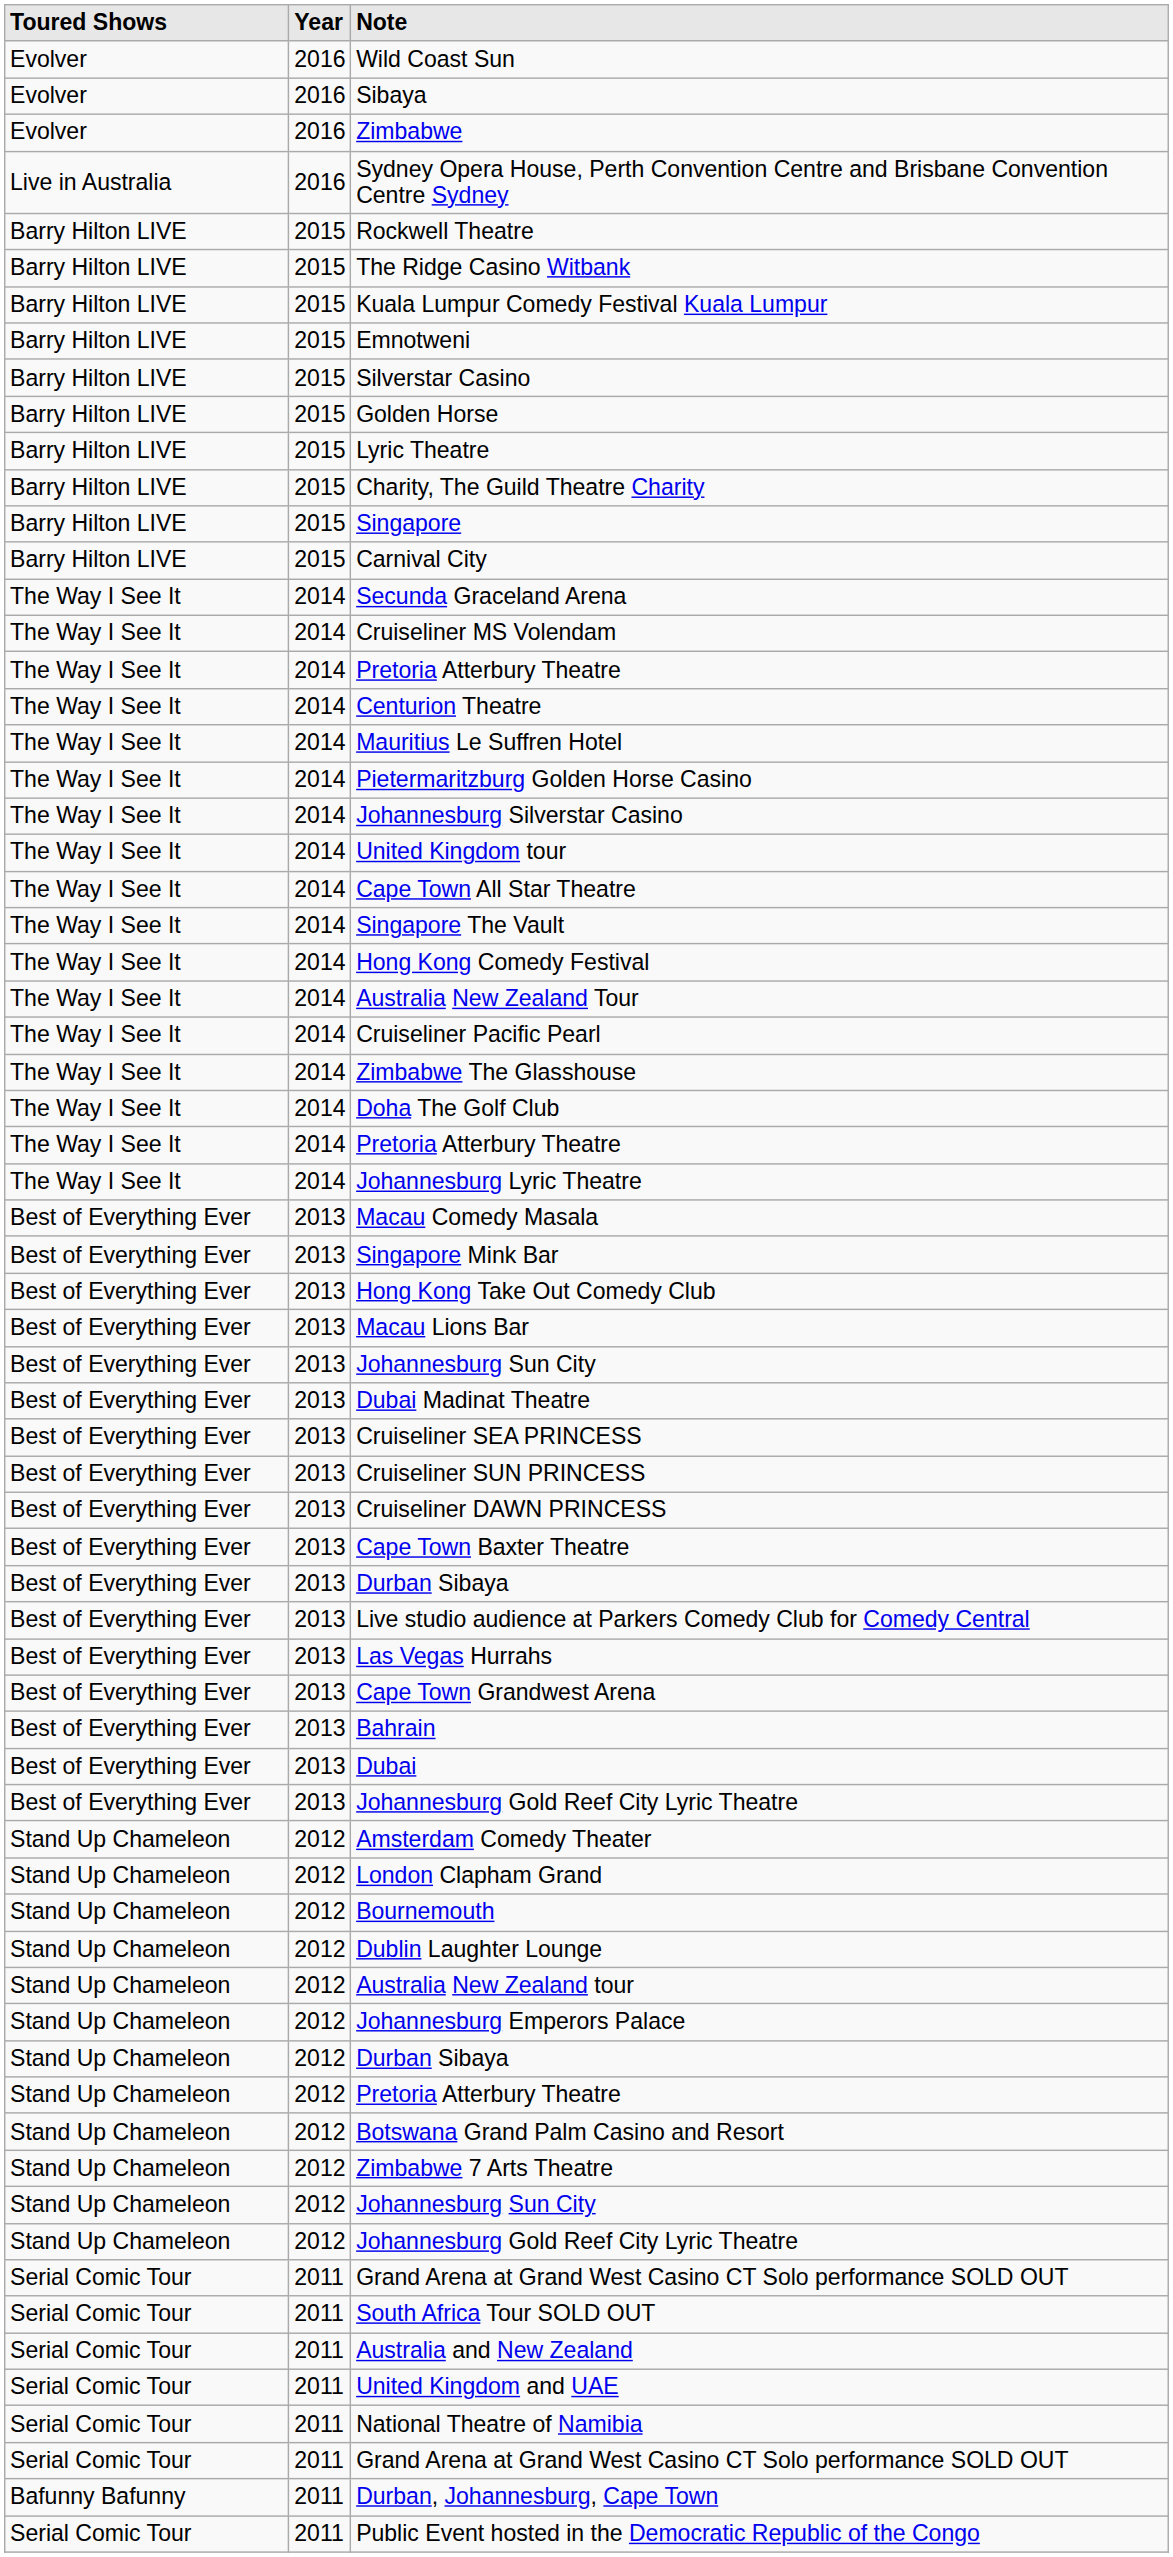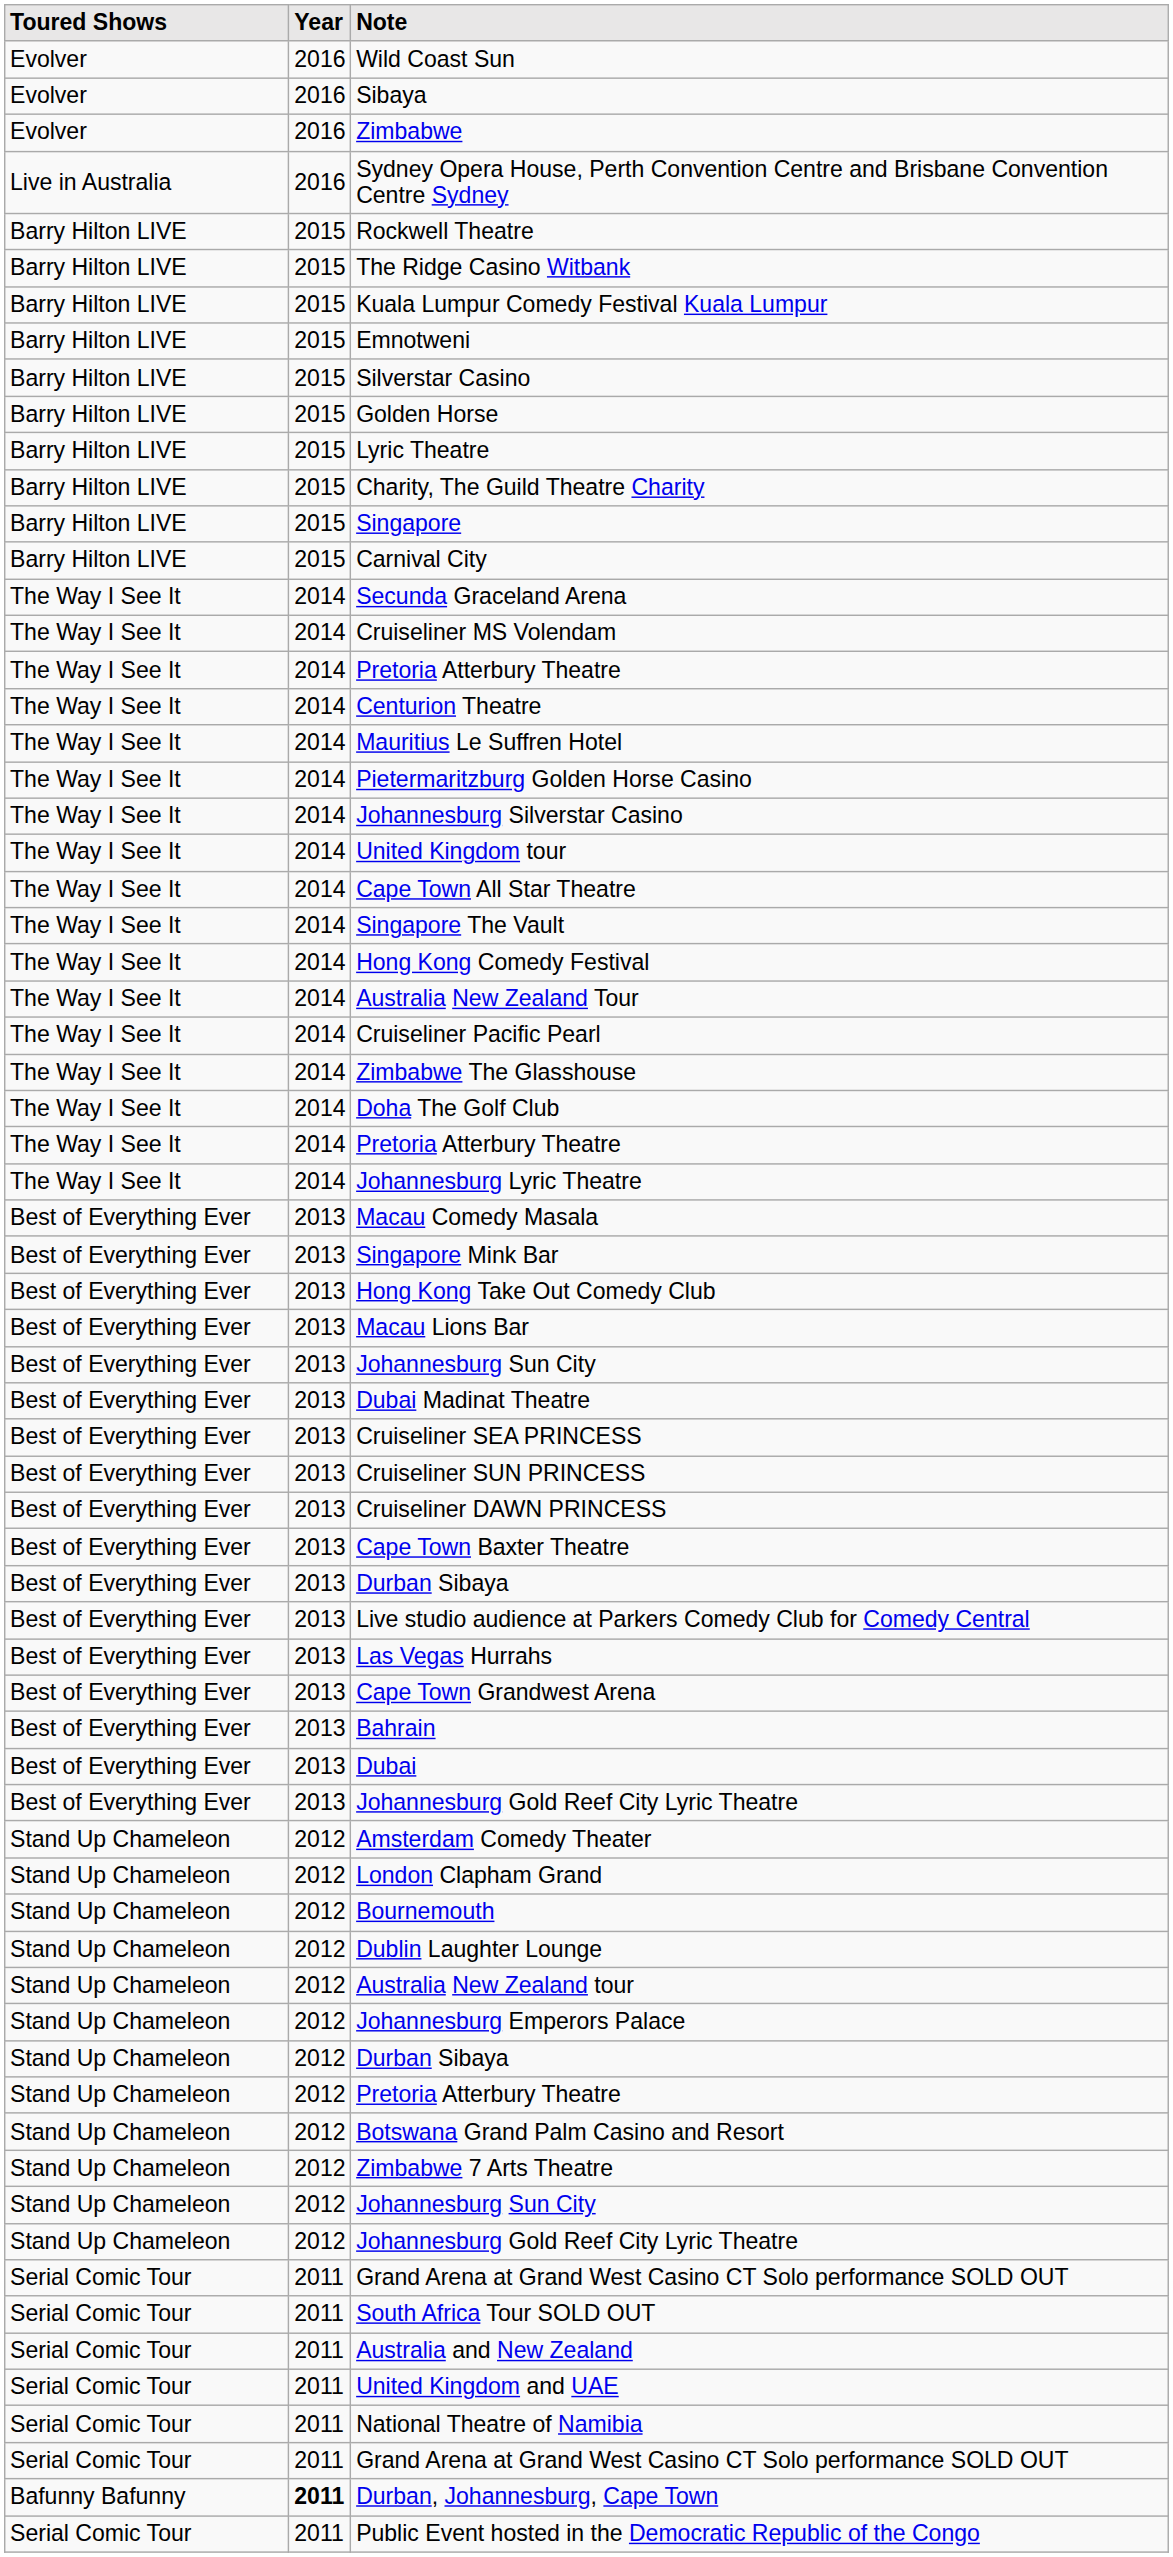 <table class="wikitable" style= style="width:70%;">
 <tr>
 <td scope="col" style="background:#e8e7e7; width:190px;"><strong>Toured Shows</strong></td>
 <td scope="col" style="background:#e8e7e7; width:30px;"><strong>Year</strong></td>
 <td scope="col" style="background:#e8e7e7; width:560px;"><strong>Note</strong></td>
 </tr>
 <tr>
 <td>Evolver</td>
 <td>2016</td>
 <td>Wild Coast Sun</td>
 </tr>
 <tr>
 <td>Evolver</td>
 <td>2016</td>
 <td>Sibaya</td>
 </tr>
 <tr>
 <td>Evolver</td>
 <td>2016</td>
 <td><a href='#'>Zimbabwe</a></td>
 </tr>
 <tr>
 <td>Live in Australia</td>
 <td>2016</td>
 <td>Sydney Opera House, Perth Convention Centre and Brisbane Convention Centre <a href='#'>Sydney</a></td>
 </tr>
 <tr>
 <td>Barry Hilton LIVE</td>
 <td>2015</td>
 <td>Rockwell Theatre</td>
 </tr>
 <tr>
 <td>Barry Hilton LIVE</td>
 <td>2015</td>
 <td>The Ridge Casino <a href='#'>Witbank</a></td>
 </tr>
 <tr>
 <td>Barry Hilton LIVE</td>
 <td>2015</td>
 <td>Kuala Lumpur Comedy Festival <a href='#'>Kuala Lumpur</a></td>
 </tr>
 <tr>
 <td>Barry Hilton LIVE</td>
 <td>2015</td>
 <td>Emnotweni</td>
 </tr>
 <tr>
 <td>Barry Hilton LIVE</td>
 <td>2015</td>
 <td>Silverstar Casino</td>
 </tr>
 <tr>
 <td>Barry Hilton LIVE</td>
 <td>2015</td>
 <td>Golden Horse</td>
 </tr>
 <tr>
 <td>Barry Hilton LIVE</td>
 <td>2015</td>
 <td>Lyric Theatre</td>
 </tr>
 <tr>
 <td>Barry Hilton LIVE</td>
 <td>2015</td>
 <td>Charity, The Guild Theatre <a href='#'>Charity</a></td>
 </tr>
 <tr>
 <td>Barry Hilton LIVE</td>
 <td>2015</td>
 <td><a href='#'>Singapore</a></td>
 </tr>
 <tr>
 <td>Barry Hilton LIVE</td>
 <td>2015</td>
 <td>Carnival City</td>
 </tr>
 <tr>
 <td>The Way I See It</td>
 <td>2014</td>
 <td><a href='#'>Secunda</a> Graceland Arena</td>
 </tr>
 <tr>
 <td>The Way I See It</td>
 <td>2014</td>
 <td>Cruiseliner MS Volendam</td>
 </tr>
 <tr>
 <td>The Way I See It</td>
 <td>2014</td>
 <td><a href='#'>Pretoria</a> Atterbury Theatre</td>
 </tr>
 <tr>
 <td>The Way I See It</td>
 <td>2014</td>
 <td><a href='#'>Centurion</a> Theatre</td>
 </tr>
 <tr>
 <td>The Way I See It</td>
 <td>2014</td>
 <td><a href='#'>Mauritius</a> Le Suffren Hotel</td>
 </tr>
 <tr>
 <td>The Way I See It</td>
 <td>2014</td>
 <td><a href='#'>Pietermaritzburg</a> Golden Horse Casino</td>
 </tr>
 <tr>
 <td>The Way I See It</td>
 <td>2014</td>
 <td><a href='#'>Johannesburg</a> Silverstar Casino</td>
 </tr>
 <tr>
 <td>The Way I See It</td>
 <td>2014</td>
 <td><a href='#'>United Kingdom</a> tour</td>
 </tr>
 <tr>
 <td>The Way I See It</td>
 <td>2014</td>
 <td><a href='#'>Cape Town</a> All Star Theatre</td>
 </tr>
 <tr>
 <td>The Way I See It</td>
 <td>2014</td>
 <td><a href='#'>Singapore</a> The Vault</td>
 </tr>
 <tr>
 <td>The Way I See It</td>
 <td>2014</td>
 <td><a href='#'>Hong Kong</a> Comedy Festival</td>
 </tr>
 <tr>
 <td>The Way I See It</td>
 <td>2014</td>
 <td><a href='#'>Australia</a> <a href='#'>New Zealand</a> Tour</td>
 </tr>
 <tr>
 <td>The Way I See It</td>
 <td>2014</td>
 <td>Cruiseliner Pacific Pearl</td>
 </tr>
 <tr>
 <td>The Way I See It</td>
 <td>2014</td>
 <td><a href='#'>Zimbabwe</a> The Glasshouse</td>
 </tr>
 <tr>
 <td>The Way I See It</td>
 <td>2014</td>
 <td><a href='#'>Doha</a> The Golf Club</td>
 </tr>
 <tr>
 <td>The Way I See It</td>
 <td>2014</td>
 <td><a href='#'>Pretoria</a> Atterbury Theatre</td>
 </tr>
 <tr>
 <td>The Way I See It</td>
 <td>2014</td>
 <td><a href='#'>Johannesburg</a> Lyric Theatre</td>
 </tr>
 <tr>
 <td>Best of Everything Ever</td>
 <td>2013</td>
 <td><a href='#'>Macau</a> Comedy Masala</td>
 </tr>
 <tr>
 <td>Best of Everything Ever</td>
 <td>2013</td>
 <td><a href='#'>Singapore</a> Mink Bar</td>
 </tr>
 <tr>
 <td>Best of Everything Ever</td>
 <td>2013</td>
 <td><a href='#'>Hong Kong</a> Take Out Comedy Club</td>
 </tr>
 <tr>
 <td>Best of Everything Ever</td>
 <td>2013</td>
 <td><a href='#'>Macau</a> Lions Bar</td>
 </tr>
 <tr>
 <td>Best of Everything Ever</td>
 <td>2013</td>
 <td><a href='#'>Johannesburg</a> Sun City</td>
 </tr>
 <tr>
 <td>Best of Everything Ever</td>
 <td>2013</td>
 <td><a href='#'>Dubai</a> Madinat Theatre</td>
 </tr>
 <tr>
 <td>Best of Everything Ever</td>
 <td>2013</td>
 <td>Cruiseliner SEA PRINCESS</td>
 </tr>
 <tr>
 <td>Best of Everything Ever</td>
 <td>2013</td>
 <td>Cruiseliner SUN PRINCESS</td>
 </tr>
 <tr>
 <td>Best of Everything Ever</td>
 <td>2013</td>
 <td>Cruiseliner DAWN PRINCESS</td>
 </tr>
 <tr>
 <td>Best of Everything Ever</td>
 <td>2013</td>
 <td><a href='#'>Cape Town</a> Baxter Theatre</td>
 </tr>
 <tr>
 <td>Best of Everything Ever</td>
 <td>2013</td>
 <td><a href='#'>Durban</a> Sibaya</td>
 </tr>
 <tr>
 <td>Best of Everything Ever</td>
 <td>2013</td>
 <td>Live studio audience at Parkers Comedy Club for <a href='#'>Comedy Central</a></td>
 </tr>
 <tr>
 <td>Best of Everything Ever</td>
 <td>2013</td>
 <td><a href='#'>Las Vegas</a> Hurrahs</td>
 </tr>
 <tr>
 <td>Best of Everything Ever</td>
 <td>2013</td>
 <td><a href='#'>Cape Town</a> Grandwest Arena</td>
 </tr>
 <tr>
 <td>Best of Everything Ever</td>
 <td>2013</td>
 <td><a href='#'>Bahrain</a></td>
 </tr>
 <tr>
 <td>Best of Everything Ever</td>
 <td>2013</td>
 <td><a href='#'>Dubai</a></td>
 </tr>
 <tr>
 <td>Best of Everything Ever</td>
 <td>2013</td>
 <td><a href='#'>Johannesburg</a> Gold Reef City Lyric Theatre</td>
 </tr>
 <tr>
 <td>Stand Up Chameleon</td>
 <td>2012</td>
 <td><a href='#'>Amsterdam</a> Comedy Theater</td>
 </tr>
 <tr>
 <td>Stand Up Chameleon</td>
 <td>2012</td>
 <td><a href='#'>London</a> Clapham Grand</td>
 </tr>
 <tr>
 <td>Stand Up Chameleon</td>
 <td>2012</td>
 <td><a href='#'>Bournemouth</a></td>
 </tr>
 <tr>
 <td>Stand Up Chameleon</td>
 <td>2012</td>
 <td><a href='#'>Dublin</a> Laughter Lounge</td>
 </tr>
 <tr>
 <td>Stand Up Chameleon</td>
 <td>2012</td>
 <td><a href='#'>Australia</a> <a href='#'>New Zealand</a> tour</td>
 </tr>
 <tr>
 <td>Stand Up Chameleon</td>
 <td>2012</td>
 <td><a href='#'>Johannesburg</a> Emperors Palace</td>
 </tr>
 <tr>
 <td>Stand Up Chameleon</td>
 <td>2012</td>
 <td><a href='#'>Durban</a> Sibaya</td>
 </tr>
 <tr>
 <td>Stand Up Chameleon</td>
 <td>2012</td>
 <td><a href='#'>Pretoria</a> Atterbury Theatre</td>
 </tr>
 <tr>
 <td>Stand Up Chameleon</td>
 <td>2012</td>
 <td><a href='#'>Botswana</a> Grand Palm Casino and Resort</td>
 </tr>
 <tr>
 <td>Stand Up Chameleon</td>
 <td>2012</td>
 <td><a href='#'>Zimbabwe</a> 7 Arts Theatre</td>
 </tr>
 <tr>
 <td>Stand Up Chameleon</td>
 <td>2012</td>
 <td><a href='#'>Johannesburg</a> <a href='#'>Sun City</a></td>
 </tr>
 <tr>
 <td>Stand Up Chameleon</td>
 <td>2012</td>
 <td><a href='#'>Johannesburg</a> Gold Reef City Lyric Theatre</td>
 </tr>
 <tr>
 <td>Serial Comic Tour</td>
 <td>2011</td>
 <td>Grand Arena at Grand West Casino CT Solo performance SOLD OUT</td>
 </tr>
 <tr>
 <td>Serial Comic Tour</td>
 <td>2011</td>
 <td><a href='#'>South Africa</a> Tour SOLD OUT</td>
 </tr>
 <tr>
 <td>Serial Comic Tour</td>
 <td>2011</td>
 <td><a href='#'>Australia</a> and <a href='#'>New Zealand</a></td>
 </tr>
 <tr>
 <td>Serial Comic Tour</td>
 <td>2011</td>
 <td><a href='#'>United Kingdom</a> and <a href='#'>UAE</a></td>
 </tr>
 <tr>
 <td>Serial Comic Tour</td>
 <td>2011</td>
 <td>National Theatre of <a href='#'>Namibia</a></td>
 </tr>
 <tr>
 <td>Serial Comic Tour</td>
 <td>2011</td>
 <td>Grand Arena at Grand West Casino CT Solo performance SOLD OUT</td>
 </tr>
 <tr>
 <td>Bafunny Bafunny</td>
-<td>2011</td>
+<td><strong>2011</strong></td>
 <td><a href='#'>Durban</a>, <a href='#'>Johannesburg</a>, <a href='#'>Cape Town</a></td>
 </tr>
 <tr>
 <td>Serial Comic Tour</td>
 <td>2011</td>
 <td>Public Event hosted in the <a href='#'>Democratic Republic of the Congo</a></td>
 </tr>
 </table>
